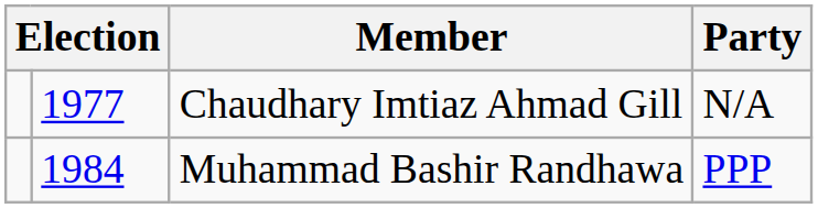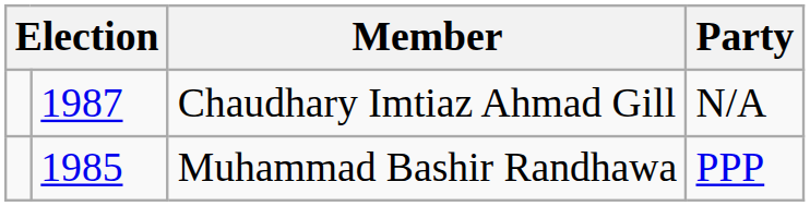 <table class="wikitable">
 <tr>
 <th colspan="2">Election</th>
 <th>Member</th>
 <th>Party</th>
 </tr>
 <tr>
 <td style="background-color: "></td>
-<td><a href='#'>1977</a></td>
+<td><a href='#'>1987</a></td>
 <td>Chaudhary Imtiaz Ahmad Gill</td>
 <td>N/A</td>
 </tr>
 <tr>
 <td style="background-color: "></td>
-<td><a href='#'>1984</a></td>
+<td><a href='#'>1985</a></td>
 <td>Muhammad Bashir Randhawa</td>
 <td><a href='#'>PPP</a></td>
 </tr>
 </table>
